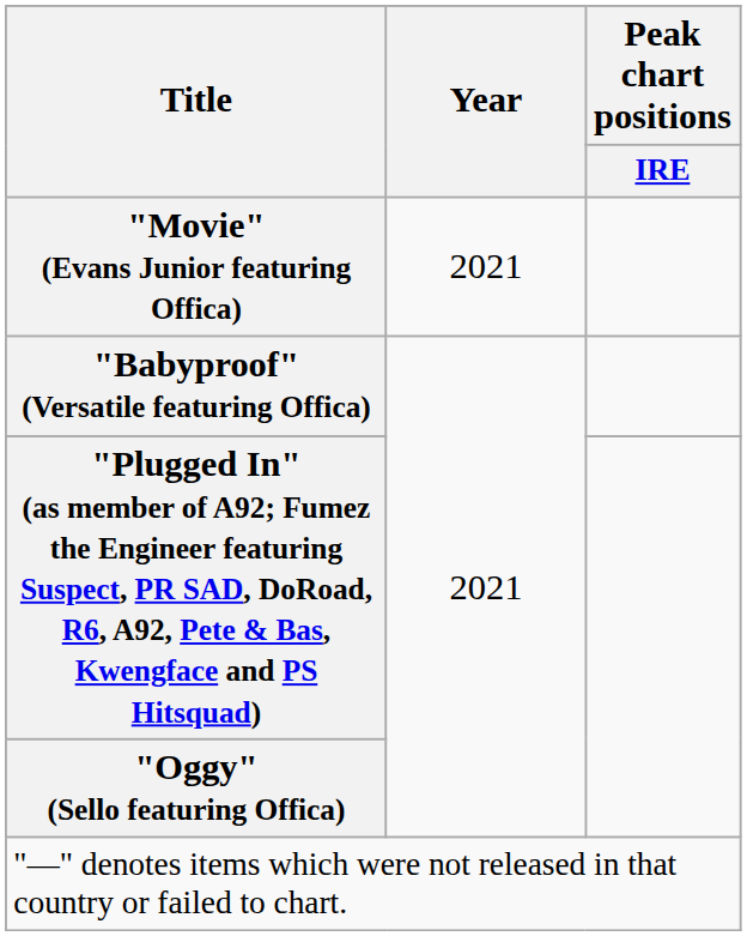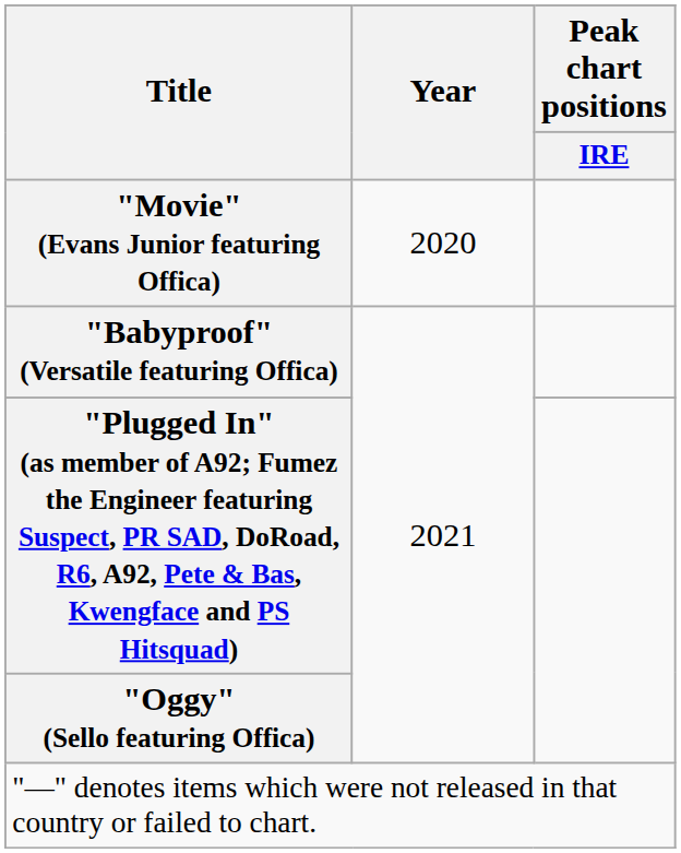 <table class="wikitable plainrowheaders">
 <tr>
 <th scope="col" rowspan="2" style="width:10em;">Title</th>
 <th scope="col" rowspan="2" style="width:5em;align:center;">Year</th>
 <th scope="col" colspan="1">Peak chart positions</th>
 </tr>
 <tr>
 <th scope="col" style="width:3em;font-size:85%;"><a href='#'>IRE</a><br></th>
 </tr>
 <tr>
 <th scope="row">"Movie"<br><small>(Evans Junior featuring Offica)</small></th>
-<td rowspan="1" style="text-align:center;">2021</td>
+<td rowspan="1" style="text-align:center;">2020</td>
 <td></td>
 </tr>
 <tr>
 <th scope="row">"Babyproof"<br><small>(Versatile featuring Offica)</small></th>
 <td rowspan="3" style="text-align:center;">2021</td>
 <td></td>
 </tr>
 <tr>
 <th scope="row">"Plugged In"<br><small>(as member of A92; Fumez the Engineer featuring <a href='#'>Suspect</a>, <a href='#'>PR SAD</a>, DoRoad, <a href='#'>R6</a>, A92, <a href='#'>Pete & Bas</a>, <a href='#'>Kwengface</a> and <a href='#'>PS Hitsquad</a>)</small></th>
 <td rowspan="2"></td>
 </tr>
 <tr>
 <th scope="row">"Oggy"<br><small>(Sello featuring Offica)</small></th>
 </tr>
 <tr>
 <td colspan="3" style="font-size:90%;">"—" denotes items which were not released in that country or failed to chart.</td>
 </tr>
 </table>
